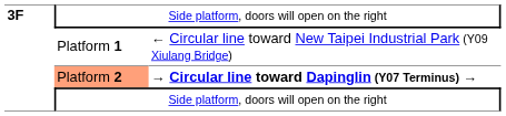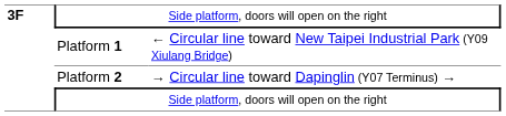 <table table border=0 cellspacing=0 cellpadding=3>
 <tr>
 <td style="border-top:solid 1px gray;border-bottom:solid 1px gray;" width=50 rowspan=10 valign=top><strong>3F</strong></td>
 </tr>
 <tr>
 <td style="border-right:solid 2px black;border-left:solid 2px black;border-bottom:solid 2px black;border-top:solid 1px gray;text-align:center;" colspan=2><small><a href='#'>Side platform</a>, doors will open on the right</small></td>
 </tr>
 <tr>
 <td style="border-bottom:solid 1px gray;" width=100>Platform <span><strong>1</strong></span></td>
 <td style="border-bottom:solid 1px gray;" width=390><span></span>←  <a href='#'>Circular line</a> toward <a href='#'>New Taipei Industrial Park</a><small> (Y09 <a href='#'>Xiulang Bridge</a>)</small></td>
 </tr>
 <tr>
-<td style="background: lightsalmon;">Platform <span><strong>2</strong></span></td>
-<td><strong><span>→</span> <a href='#'>Circular line</a> toward <a href='#'>Dapinglin</a><small> (Y07 Terminus)</small> →</strong></td>
+<td>Platform <span><strong>2</strong></span></td>
+<td><span>→</span> <a href='#'>Circular line</a> toward <a href='#'>Dapinglin</a><small> (Y07 Terminus)</small> →</td>
 </tr>
 <tr>
 <td style="border-top:solid 2px black;border-right:solid 2px black;border-left:solid 2px black;border-bottom:solid 1px gray;text-align:center;" colspan=2><small><a href='#'>Side platform</a>, doors will open on the right</small></td>
 </tr>
 </table>
